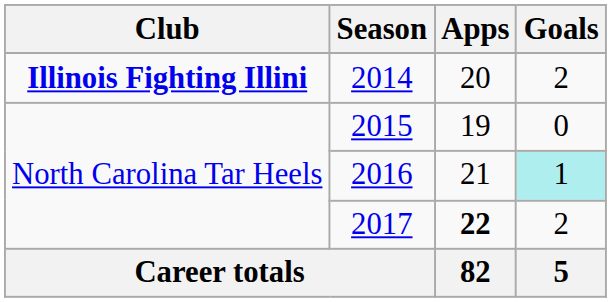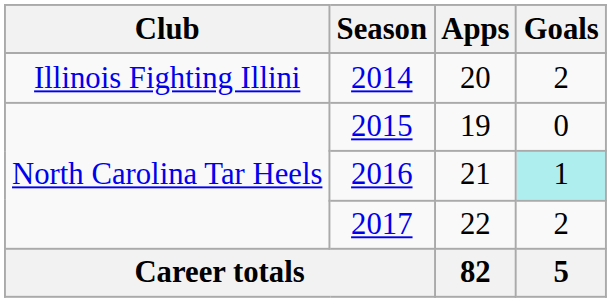 <table class="wikitable" style="text-align: center;">
 <tr>
 <th>Club</th>
 <th>Season</th>
 <th>Apps</th>
 <th>Goals</th>
 </tr>
 <tr>
 </tr>
 <tr>
-<td><strong><a href='#'>Illinois Fighting Illini</a></strong></td>
+<td><a href='#'>Illinois Fighting Illini</a></td>
 <td><a href='#'>2014</a></td>
 <td>20</td>
 <td>2</td>
 </tr>
 <tr>
 <td rowspan="3"><a href='#'>North Carolina Tar Heels</a></td>
 <td><a href='#'>2015</a></td>
 <td>19</td>
 <td>0</td>
 </tr>
 <tr>
 <td><a href='#'>2016</a></td>
 <td>21</td>
 <td style="background: paleturquoise;">1</td>
 </tr>
 <tr>
 <td><a href='#'>2017</a></td>
-<td><strong>22</strong></td>
+<td>22</td>
 <td>2</td>
 </tr>
 <tr>
 <th colspan="2">Career totals</th>
 <th>82</th>
 <th>5</th>
 </tr>
 </table>
